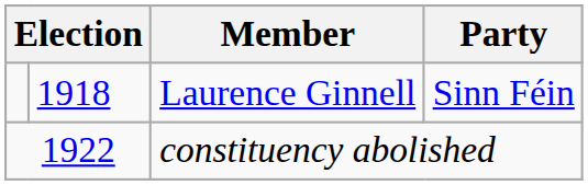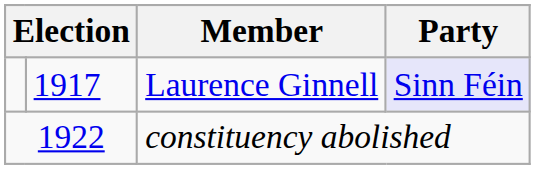 <table class="wikitable">
 <tr>
 <th colspan="2">Election</th>
 <th>Member</th>
 <th>Party</th>
 </tr>
 <tr>
 <td style="color:inherit;background-color: "></td>
-<td><a href='#'>1918</a></td>
+<td><a href='#'>1917</a></td>
 <td><a href='#'>Laurence Ginnell</a></td>
-<td><a href='#'>Sinn Féin</a></td>
+<td style="background: lavender;"><a href='#'>Sinn Féin</a></td>
 </tr>
 <tr>
 <td colspan="2" align="center"><a href='#'>1922</a></td>
 <td colspan="2"><em>constituency abolished</em></td>
 </tr>
 </table>
